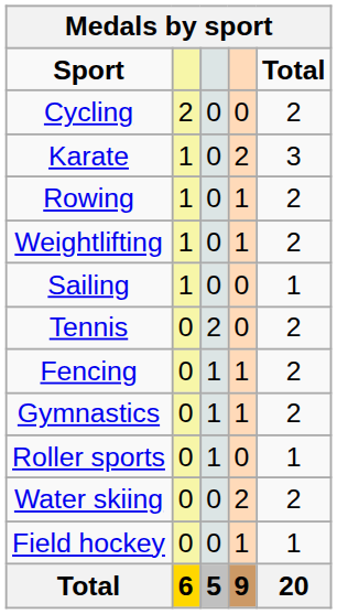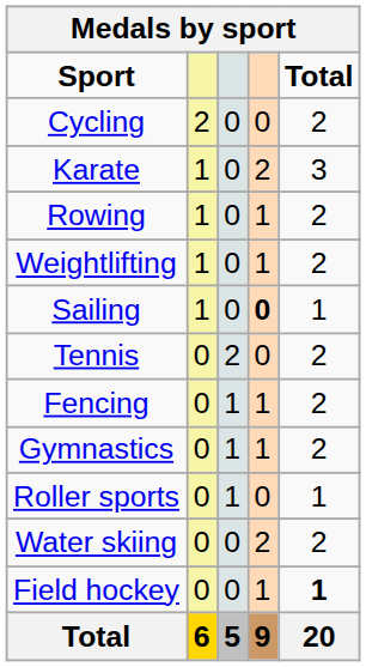 <table class="wikitable" style="font-size:85%; float:right;">
 <tr style="background:#efefef;">
 <th colspan=7><strong>Medals by sport</strong></th>
 </tr>
 <tr align=center>
 <td><strong>Sport</strong></td>
 <td style="background:#f7f6a8;"></td>
 <td style="background:#dce5e5;"></td>
 <td style="background:#ffdab9;"></td>
 <td><strong>Total</strong></td>
 </tr>
 <tr align=center>
 <td><a href='#'>Cycling</a></td>
 <td style="background:#f7f6a8;">2</td>
 <td style="background:#dce5e5;">0</td>
 <td style="background:#ffdab9;">0</td>
 <td>2</td>
 </tr>
 <tr align=center>
 <td><a href='#'>Karate</a></td>
 <td style="background:#f7f6a8;">1</td>
 <td style="background:#dce5e5;">0</td>
 <td style="background:#ffdab9;">2</td>
 <td>3</td>
 </tr>
 <tr align=center>
 <td><a href='#'>Rowing</a></td>
 <td style="background:#f7f6a8;">1</td>
 <td style="background:#dce5e5;">0</td>
 <td style="background:#ffdab9;">1</td>
 <td>2</td>
 </tr>
 <tr align=center>
 <td><a href='#'>Weightlifting</a></td>
 <td style="background:#f7f6a8;">1</td>
 <td style="background:#dce5e5;">0</td>
 <td style="background:#ffdab9;">1</td>
 <td>2</td>
 </tr>
 <tr align=center>
 <td><a href='#'>Sailing</a></td>
 <td style="background:#f7f6a8;">1</td>
 <td style="background:#dce5e5;">0</td>
-<td style="background:#ffdab9;">0</td>
+<td style="background:#ffdab9;"><strong>0</strong></td>
 <td>1</td>
 </tr>
 <tr align=center>
 <td><a href='#'>Tennis</a></td>
 <td style="background:#f7f6a8;">0</td>
 <td style="background:#dce5e5;">2</td>
 <td style="background:#ffdab9;">0</td>
 <td>2</td>
 </tr>
 <tr align=center>
 <td><a href='#'>Fencing</a></td>
 <td style="background:#f7f6a8;">0</td>
 <td style="background:#dce5e5;">1</td>
 <td style="background:#ffdab9;">1</td>
 <td>2</td>
 </tr>
 <tr align=center>
 <td><a href='#'>Gymnastics</a></td>
 <td style="background:#f7f6a8;">0</td>
 <td style="background:#dce5e5;">1</td>
 <td style="background:#ffdab9;">1</td>
 <td>2</td>
 </tr>
 <tr align=center>
 <td><a href='#'>Roller sports</a></td>
 <td style="background:#f7f6a8;">0</td>
 <td style="background:#dce5e5;">1</td>
 <td style="background:#ffdab9;">0</td>
 <td>1</td>
 </tr>
 <tr align=center>
 <td><a href='#'>Water skiing</a></td>
 <td style="background:#f7f6a8;">0</td>
 <td style="background:#dce5e5;">0</td>
 <td style="background:#ffdab9;">2</td>
 <td>2</td>
 </tr>
 <tr align=center>
 <td><a href='#'>Field hockey</a></td>
 <td style="background:#f7f6a8;">0</td>
 <td style="background:#dce5e5;">0</td>
 <td style="background:#ffdab9;">1</td>
-<td>1</td>
+<td><strong>1</strong></td>
 </tr>
 <tr align=center>
 <th><strong>Total</strong></th>
 <th style="background:gold;"><strong>6</strong></th>
 <th style="background:silver;"><strong>5</strong></th>
 <th style="background:#c96;"><strong>9</strong></th>
 <th><strong>20</strong></th>
 </tr>
 </table>
